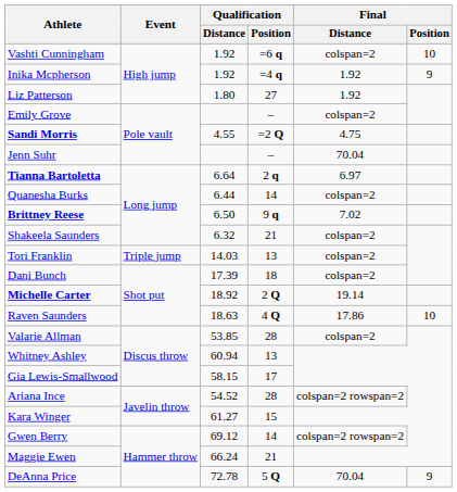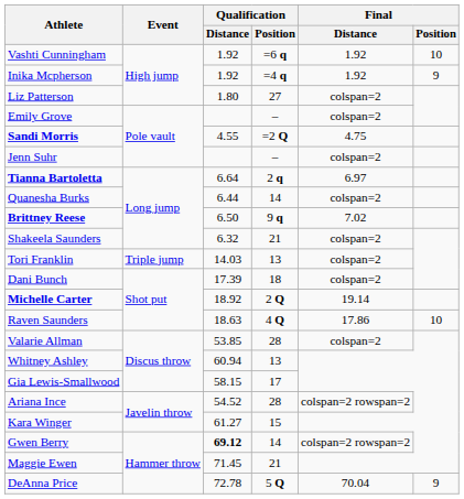 <table class=wikitable style=font-size:90%>
 <tr>
 <th rowspan=2>Athlete</th>
 <th rowspan=2>Event</th>
 <th colspan=2>Qualification</th>
 <th colspan=2>Final</th>
 </tr>
 <tr style=font-size:95%>
 <th>Distance</th>
 <th>Position</th>
 <th>Distance</th>
 <th>Position</th>
 </tr>
 <tr align=center>
 <td align=left><a href='#'>Vashti Cunningham</a></td>
 <td align=left rowspan=3><a href='#'>High jump</a></td>
 <td>1.92</td>
 <td>=6 <strong>q</strong></td>
-<td>colspan=2 </td>
+<td>1.92</td>
 <td>10</td>
 </tr>
 <tr align=center>
 <td align=left><a href='#'>Inika Mcpherson</a></td>
 <td>1.92</td>
 <td>=4 <strong>q</strong></td>
 <td>1.92</td>
 <td>9</td>
 </tr>
 <tr align=center>
 <td align=left><a href='#'>Liz Patterson</a></td>
 <td>1.80</td>
 <td>27</td>
-<td>1.92</td>
+<td>colspan=2 </td>
 </tr>
 <tr align=center>
 <td align=left><a href='#'>Emily Grove</a></td>
 <td align=left rowspan=3><a href='#'>Pole vault</a></td>
 <td></td>
 <td>–</td>
 <td>colspan=2 </td>
 </tr>
 <tr align=center>
 <td align=left><strong><a href='#'>Sandi Morris</a></strong></td>
 <td>4.55</td>
 <td>=2 <strong>Q</strong></td>
 <td>4.75</td>
 <td></td>
 </tr>
 <tr align=center>
 <td align=left><a href='#'>Jenn Suhr</a></td>
 <td></td>
 <td>–</td>
-<td>70.04</td>
+<td>colspan=2 </td>
 </tr>
 <tr align=center>
 <td align=left><strong><a href='#'>Tianna Bartoletta</a></strong></td>
 <td align=left rowspan=4><a href='#'>Long jump</a></td>
 <td>6.64</td>
 <td>2 <strong>q</strong></td>
 <td>6.97</td>
 <td></td>
 </tr>
 <tr align=center>
 <td align=left><a href='#'>Quanesha Burks</a></td>
 <td>6.44</td>
 <td>14</td>
 <td>colspan=2 </td>
 </tr>
 <tr align=center>
 <td align=left><strong><a href='#'>Brittney Reese</a></strong></td>
 <td>6.50</td>
 <td>9 <strong>q</strong></td>
 <td>7.02</td>
 <td></td>
 </tr>
 <tr align=center>
 <td align=left><a href='#'>Shakeela Saunders</a></td>
 <td>6.32</td>
 <td>21</td>
 <td>colspan=2 </td>
 </tr>
 <tr align=center>
 <td align=left><a href='#'>Tori Franklin</a></td>
 <td align=left rowspan=1><a href='#'>Triple jump</a></td>
 <td>14.03 <strong></strong></td>
 <td>13</td>
 <td>colspan=2 </td>
 </tr>
 <tr align=center>
 <td align=left><a href='#'>Dani Bunch</a></td>
 <td align=left rowspan=3><a href='#'>Shot put</a></td>
 <td>17.39</td>
 <td>18</td>
 <td>colspan=2 </td>
 </tr>
 <tr align=center>
 <td align=left><strong><a href='#'>Michelle Carter</a></strong></td>
 <td>18.92</td>
 <td>2 <strong>Q</strong></td>
 <td>19.14</td>
 <td></td>
 </tr>
 <tr align=center>
 <td align=left><a href='#'>Raven Saunders</a></td>
 <td>18.63</td>
 <td>4 <strong>Q</strong></td>
 <td>17.86</td>
 <td>10</td>
 </tr>
 <tr align=center>
 <td align=left><a href='#'>Valarie Allman</a></td>
 <td align=left  rowspan=3><a href='#'>Discus throw</a></td>
 <td>53.85</td>
 <td>28</td>
 <td>colspan=2 </td>
 </tr>
 <tr align=center>
 <td align=left><a href='#'>Whitney Ashley</a></td>
 <td>60.94</td>
 <td>13</td>
 </tr>
 <tr align=center>
 <td align=left><a href='#'>Gia Lewis-Smallwood</a></td>
 <td>58.15</td>
 <td>17</td>
 </tr>
 <tr align=center>
 <td align=left><a href='#'>Ariana Ince</a></td>
 <td align=left rowspan=2><a href='#'>Javelin throw</a></td>
 <td>54.52</td>
 <td>28</td>
 <td>colspan=2 rowspan=2 </td>
 </tr>
 <tr align=center>
 <td align=left><a href='#'>Kara Winger</a></td>
 <td>61.27</td>
 <td>15</td>
 </tr>
 <tr align=center>
 <td align=left><a href='#'>Gwen Berry</a></td>
 <td align=left  rowspan=3><a href='#'>Hammer throw</a></td>
-<td>69.12</td>
+<td><strong>69.12</strong></td>
 <td>14</td>
 <td>colspan=2 rowspan=2 </td>
 </tr>
 <tr align=center>
 <td align=left><a href='#'>Maggie Ewen</a></td>
-<td>66.24</td>
+<td>71.45</td>
 <td>21</td>
 </tr>
 <tr align=center>
 <td align=left><a href='#'>DeAnna Price</a></td>
 <td>72.78</td>
 <td>5 <strong>Q</strong></td>
 <td>70.04</td>
 <td>9</td>
 </tr>
 </table>
